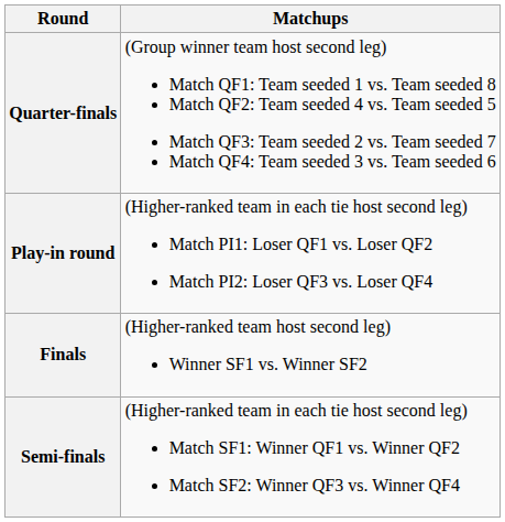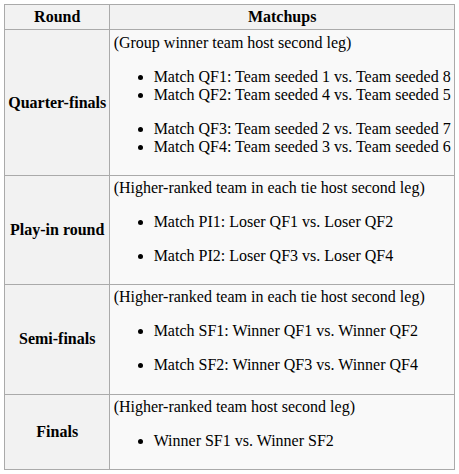 <table class=wikitable>
 <tr>
 <th>Round</th>
 <th>Matchups</th>
 </tr>
 <tr>
 <th>Quarter-finals</th>
 <td>(Group winner team host second leg)<br> <ul><li>Match QF1: Team seeded 1 vs. Team seeded 8</li><li>Match QF2: Team seeded 4 vs. Team seeded 5</li></ul><ul><li>Match QF3: Team seeded 2 vs. Team seeded 7</li><li>Match QF4: Team seeded 3 vs. Team seeded 6</li></ul></td>
 </tr>
 <tr>
 <th>Play-in round</th>
 <td>(Higher-ranked team in each tie host second leg)<br> <ul><li>Match PI1: Loser QF1 vs. Loser QF2</li></ul><ul><li>Match PI2: Loser QF3 vs. Loser QF4</li></ul></td>
 </tr>
 <tr>
+<th>Semi-finals</th>
+<td>(Higher-ranked team in each tie host second leg)<br> <ul><li>Match SF1: Winner QF1 vs. Winner QF2</li></ul><ul><li>Match SF2: Winner QF3 vs. Winner QF4</li></ul></td>
+</tr>
+<tr>
 <th>Finals</th>
 <td>(Higher-ranked team host second leg)<br><ul><li>Winner SF1 vs. Winner SF2</li></ul></td>
 </tr>
-<tr>
-<th>Semi-finals</th>
-<td>(Higher-ranked team in each tie host second leg)<br> <ul><li>Match SF1: Winner QF1 vs. Winner QF2</li></ul><ul><li>Match SF2: Winner QF3 vs. Winner QF4</li></ul></td>
-</tr>
 </table>
